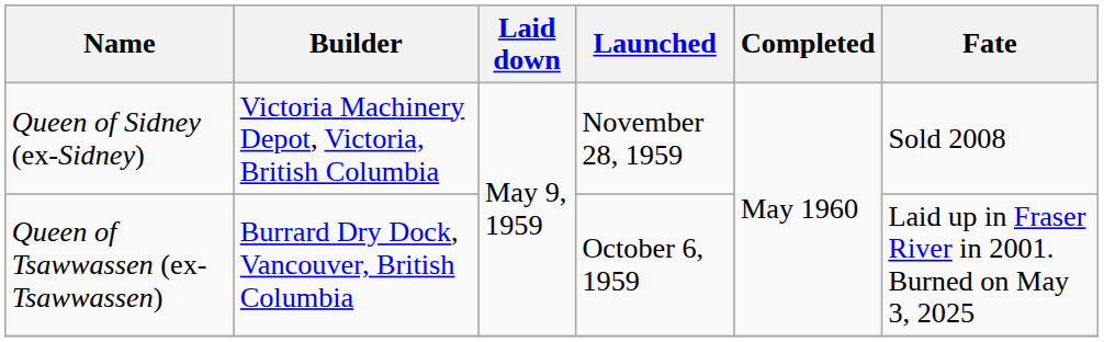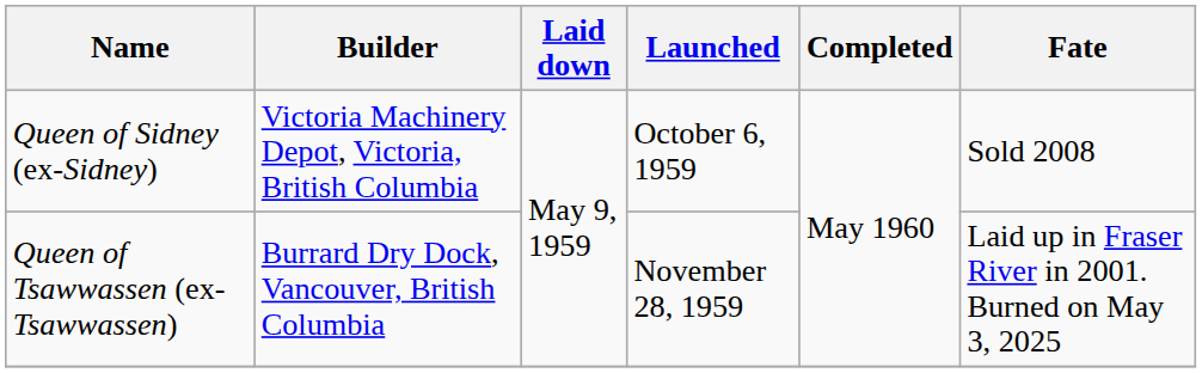 <table class="wikitable plainrowheaders">
 <tr>
 <th scope="col">Name</th>
 <th scope="col">Builder</th>
 <th scope="col"><a href='#'>Laid down</a></th>
 <th scope="col"><a href='#'>Launched</a></th>
 <th scope="col">Completed</th>
 <th>Fate</th>
 </tr>
 <tr>
 <td scope="row"><em>Queen of Sidney</em> (ex-<em>Sidney</em>)</td>
 <td><a href='#'>Victoria Machinery Depot</a>, <a href='#'>Victoria, British Columbia</a></td>
 <td scope="row" rowspan=2>May 9, 1959</td>
-<td>November 28, 1959</td>
+<td>October 6, 1959</td>
 <td scope="row" rowspan=2>May 1960</td>
 <td>Sold 2008</td>
 </tr>
 <tr>
 <td scope="row"><em>Queen of Tsawwassen</em> (ex-<em>Tsawwassen</em>)</td>
 <td><a href='#'>Burrard Dry Dock</a>, <a href='#'>Vancouver, British Columbia</a></td>
-<td>October 6, 1959</td>
+<td>November 28, 1959</td>
 <td>Laid up in <a href='#'>Fraser River</a> in 2001. Burned on May 3, 2025</td>
 </tr>
 <tr>
 </tr>
 </table>
